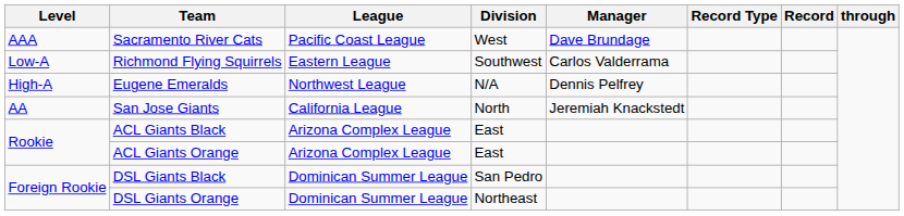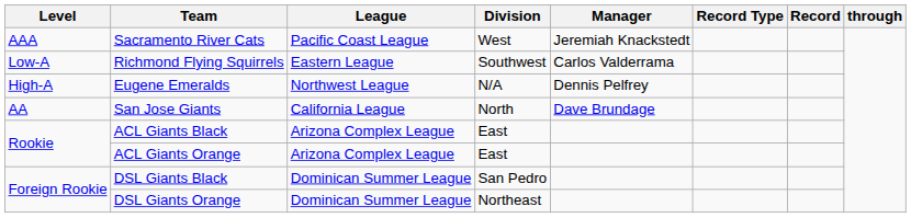 <table class="wikitable">
 <tr>
 <th>Level</th>
 <th>Team</th>
 <th>League</th>
 <th>Division</th>
 <th>Manager</th>
 <th>Record Type</th>
 <th>Record</th>
 <th>through</th>
 </tr>
 <tr>
 <td><a href='#'>AAA</a></td>
 <td><a href='#'>Sacramento River Cats</a></td>
 <td><a href='#'>Pacific Coast League</a></td>
 <td>West</td>
-<td><a href='#'>Dave Brundage</a></td>
+<td>Jeremiah Knackstedt</td>
 <td></td>
 <td></td>
 </tr>
 <tr>
 <td><a href='#'>Low-A</a></td>
 <td><a href='#'>Richmond Flying Squirrels</a></td>
 <td><a href='#'>Eastern League</a></td>
 <td>Southwest</td>
 <td>Carlos Valderrama</td>
 <td></td>
 <td></td>
 </tr>
 <tr>
 <td><a href='#'>High-A</a></td>
 <td><a href='#'>Eugene Emeralds</a></td>
 <td><a href='#'>Northwest League</a></td>
 <td>N/A</td>
 <td>Dennis Pelfrey</td>
 <td></td>
 <td></td>
 </tr>
 <tr>
 <td><a href='#'>AA</a></td>
 <td><a href='#'>San Jose Giants</a></td>
 <td><a href='#'>California League</a></td>
 <td>North</td>
-<td>Jeremiah Knackstedt</td>
+<td><a href='#'>Dave Brundage</a></td>
 <td></td>
 <td></td>
 </tr>
 <tr>
 <td rowspan=2><a href='#'>Rookie</a></td>
 <td><a href='#'>ACL Giants Black</a></td>
 <td><a href='#'>Arizona Complex League</a></td>
 <td>East</td>
 <td></td>
 <td></td>
 <td></td>
 </tr>
 <tr>
 <td><a href='#'>ACL Giants Orange</a></td>
 <td><a href='#'>Arizona Complex League</a></td>
 <td>East</td>
 <td></td>
 <td></td>
 <td></td>
 </tr>
 <tr>
 <td rowspan=2><a href='#'>Foreign Rookie</a></td>
 <td><a href='#'>DSL Giants Black</a></td>
 <td><a href='#'>Dominican Summer League</a></td>
 <td>San Pedro</td>
 <td></td>
 <td></td>
 <td></td>
 </tr>
 <tr>
 <td><a href='#'>DSL Giants Orange</a></td>
 <td><a href='#'>Dominican Summer League</a></td>
 <td>Northeast</td>
 <td></td>
 <td></td>
 <td></td>
 </tr>
 </table>
